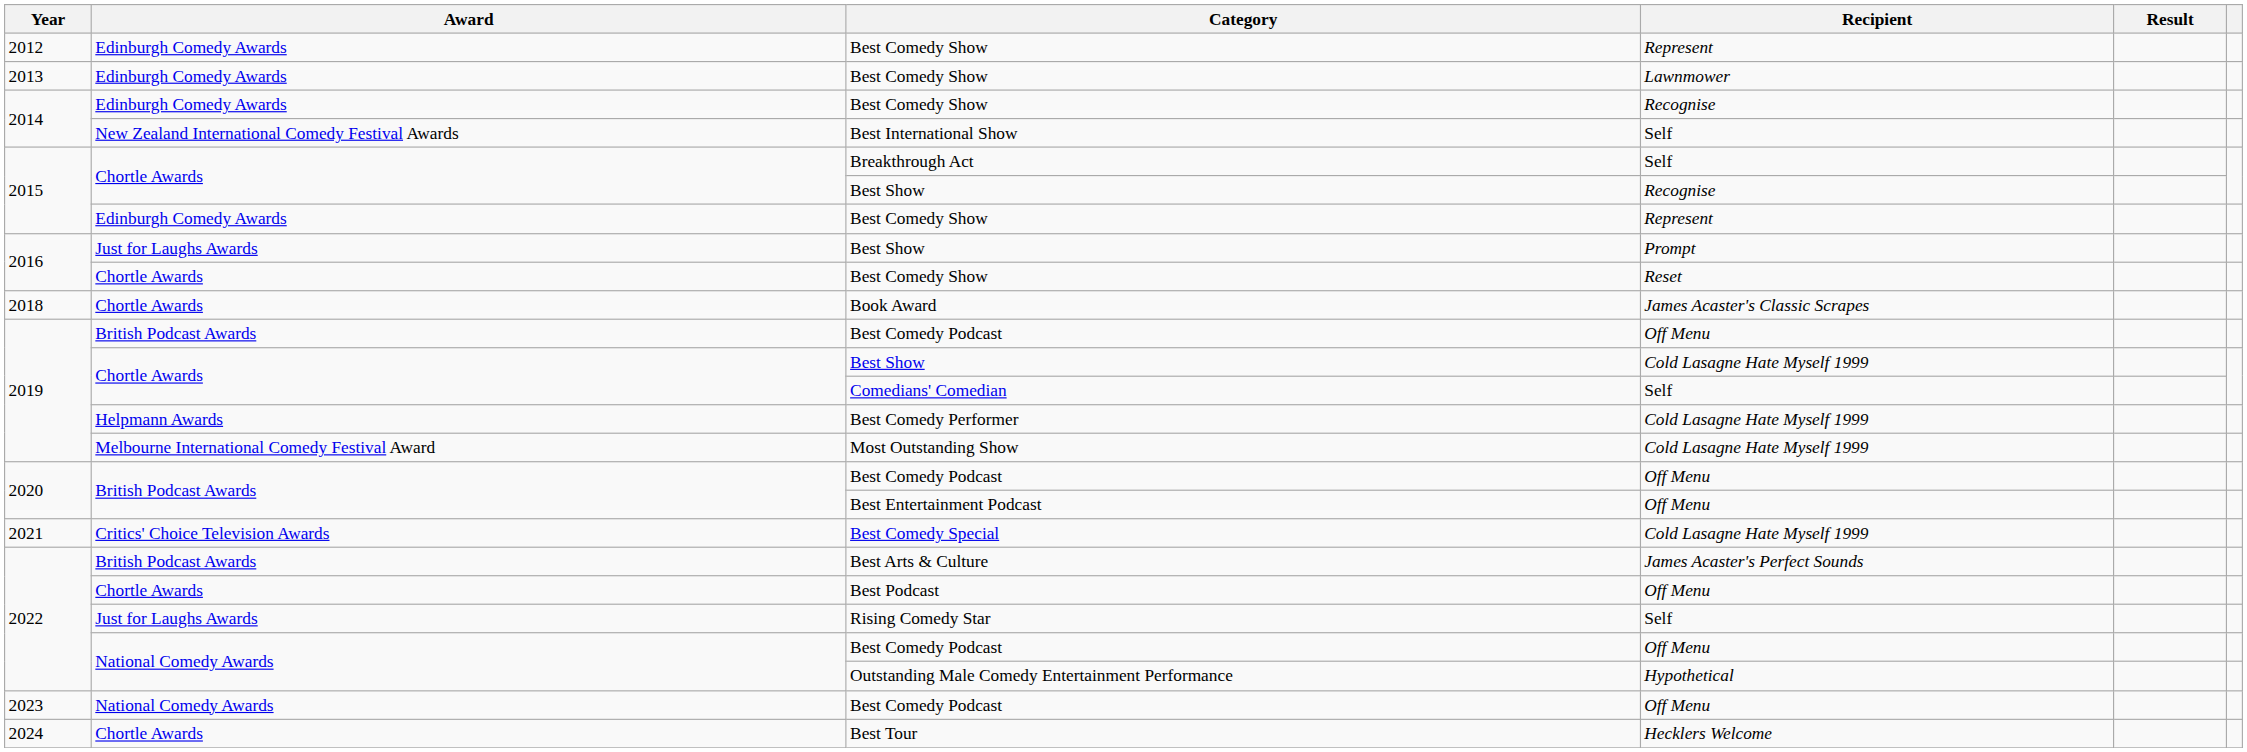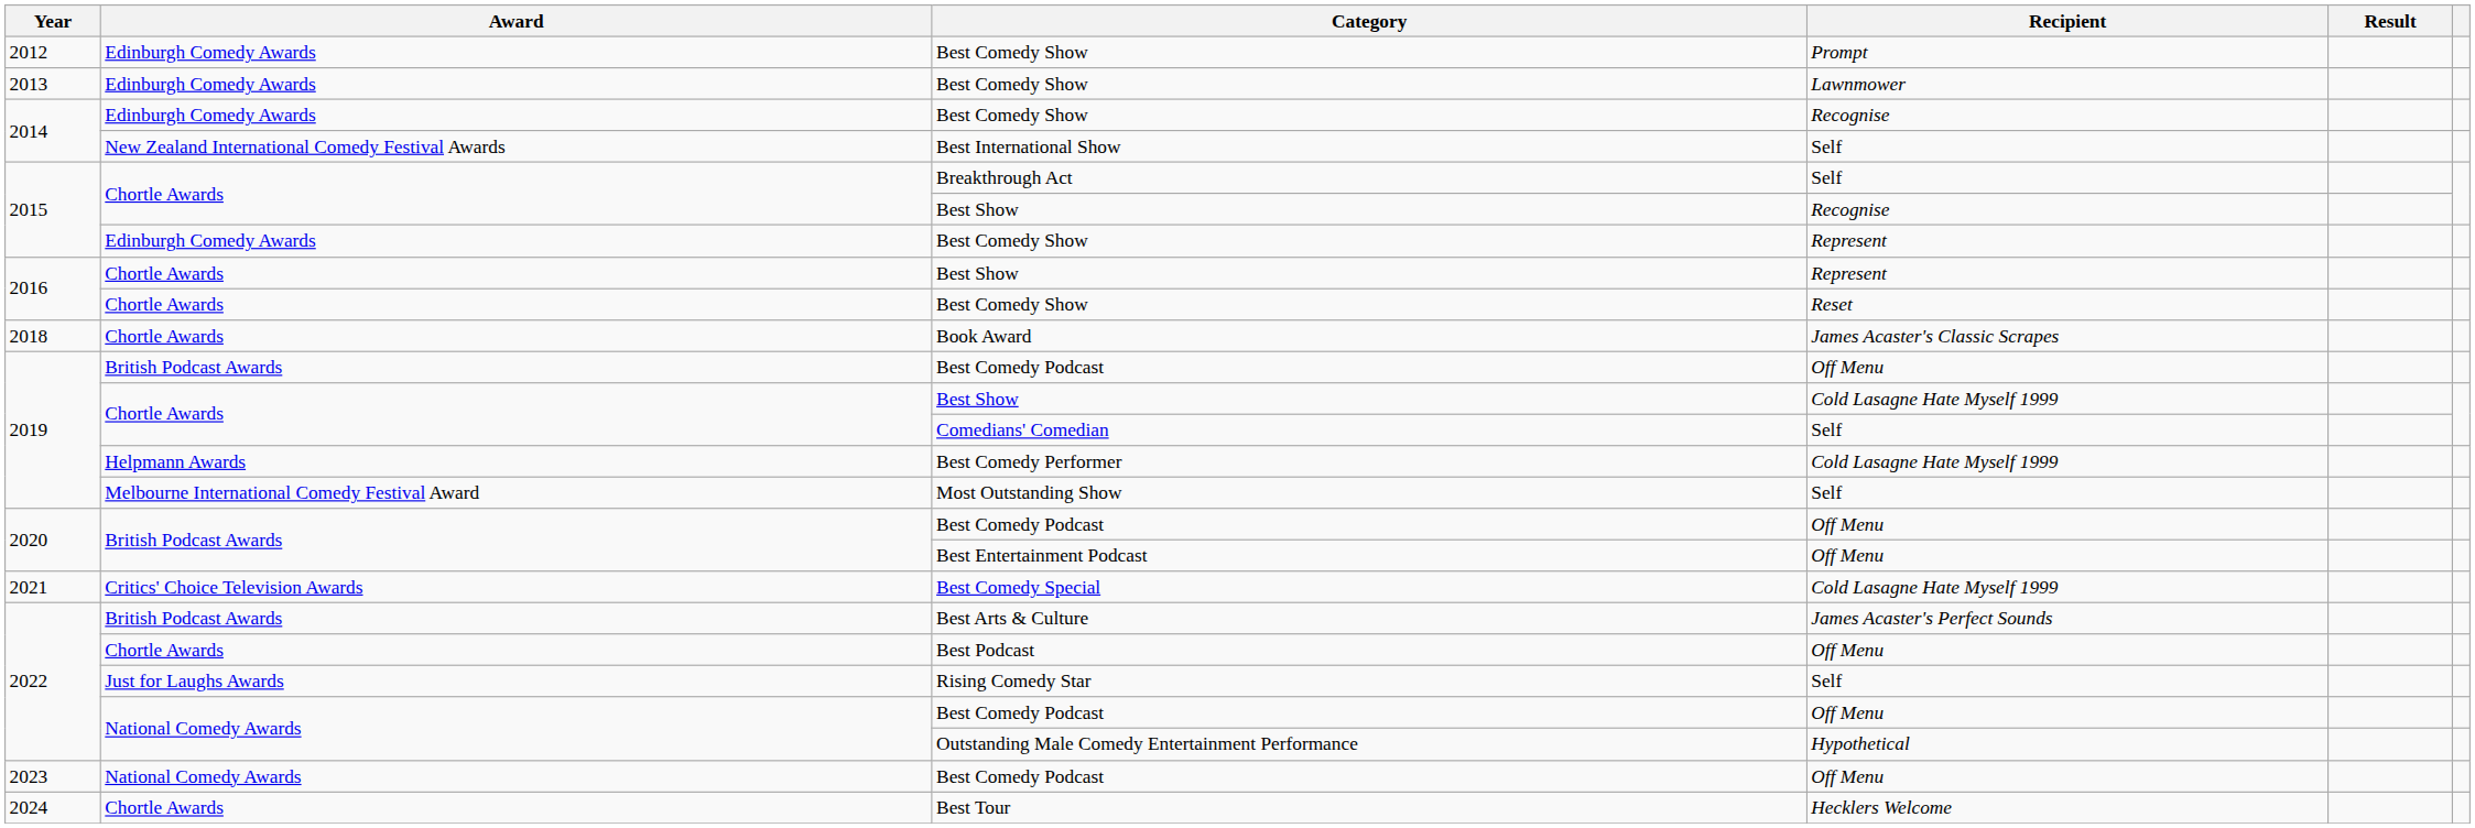 <table class="wikitable sortable" style="font-size:95%; width:99%; summary:Acaster has been nominated for Edinburgh Comedy Awards, Chortle Awards, British Podcast Awards and National Comedy Awards, among others.">
 <tr>
 <th scope=col>Year</th>
 <th scope=col>Award</th>
 <th scope=col>Category</th>
 <th scope=col>Recipient</th>
 <th scope=col>Result</th>
 <th scope=col class=unsortable></th>
 </tr>
 <tr>
 <td>2012</td>
 <td><a href='#'>Edinburgh Comedy Awards</a></td>
 <td>Best Comedy Show</td>
-<td><em>Represent</em></td>
+<td><em>Prompt</em></td>
 <td></td>
 <td></td>
 </tr>
 <tr>
 <td>2013</td>
 <td><a href='#'>Edinburgh Comedy Awards</a></td>
 <td>Best Comedy Show</td>
 <td><em>Lawnmower</em></td>
 <td></td>
 <td></td>
 </tr>
 <tr>
 <td rowspan=2>2014</td>
 <td><a href='#'>Edinburgh Comedy Awards</a></td>
 <td>Best Comedy Show</td>
 <td><em>Recognise</em></td>
 <td></td>
 <td></td>
 </tr>
 <tr>
 <td><a href='#'>New Zealand International Comedy Festival</a> Awards</td>
 <td>Best International Show</td>
 <td>Self</td>
 <td></td>
 <td></td>
 </tr>
 <tr>
 <td rowspan=3>2015</td>
 <td rowspan=2><a href='#'>Chortle Awards</a></td>
 <td>Breakthrough Act</td>
 <td>Self</td>
 <td></td>
 <td rowspan=2></td>
 </tr>
 <tr>
 <td>Best Show</td>
 <td><em>Recognise</em></td>
 <td></td>
 </tr>
 <tr>
 <td><a href='#'>Edinburgh Comedy Awards</a></td>
 <td>Best Comedy Show</td>
 <td><em>Represent</em></td>
 <td></td>
 <td></td>
 </tr>
 <tr>
 <td rowspan=2>2016</td>
-<td><a href='#'>Just for Laughs Awards</a></td>
+<td><a href='#'>Chortle Awards</a></td>
 <td>Best Show</td>
-<td><em>Prompt</em></td>
+<td><em>Represent</em></td>
 <td></td>
 <td></td>
 </tr>
 <tr>
 <td><a href='#'>Chortle Awards</a></td>
 <td>Best Comedy Show</td>
 <td><em>Reset</em></td>
 <td></td>
 <td></td>
 </tr>
 <tr>
 <td>2018</td>
 <td><a href='#'>Chortle Awards</a></td>
 <td>Book Award</td>
 <td><em>James Acaster's Classic Scrapes</em></td>
 <td></td>
 <td></td>
 </tr>
 <tr>
 <td rowspan=5>2019</td>
 <td><a href='#'>British Podcast Awards</a></td>
 <td>Best Comedy Podcast</td>
 <td><em>Off Menu</em></td>
 <td></td>
 <td></td>
 </tr>
 <tr>
 <td rowspan=2><a href='#'>Chortle Awards</a></td>
 <td><a href='#'>Best Show</a></td>
 <td><em>Cold Lasagne Hate Myself 1999</em></td>
 <td></td>
 <td rowspan=2></td>
 </tr>
 <tr>
 <td><a href='#'>Comedians' Comedian</a></td>
 <td>Self</td>
 <td></td>
 </tr>
 <tr>
 <td><a href='#'>Helpmann Awards</a></td>
 <td>Best Comedy Performer</td>
 <td><em>Cold Lasagne Hate Myself 1999</em></td>
 <td></td>
 <td></td>
 </tr>
 <tr>
 <td><a href='#'>Melbourne International Comedy Festival</a> Award</td>
 <td>Most Outstanding Show</td>
-<td><em>Cold Lasagne Hate Myself 1999</em></td>
+<td>Self</td>
 <td></td>
 <td></td>
 </tr>
 <tr>
 <td rowspan=2>2020</td>
 <td rowspan=2><a href='#'>British Podcast Awards</a></td>
 <td>Best Comedy Podcast</td>
 <td><em>Off Menu</em></td>
 <td></td>
 <td></td>
 </tr>
 <tr>
 <td>Best Entertainment Podcast</td>
 <td><em>Off Menu</em></td>
 <td></td>
 <td></td>
 </tr>
 <tr>
 <td rowspan=1>2021</td>
 <td><a href='#'>Critics' Choice Television Awards</a></td>
 <td><a href='#'>Best Comedy Special</a></td>
 <td><em>Cold Lasagne Hate Myself 1999</em></td>
 <td></td>
 <td></td>
 </tr>
 <tr>
 <td rowspan=5>2022</td>
 <td><a href='#'>British Podcast Awards</a></td>
 <td>Best Arts & Culture</td>
 <td><em>James Acaster's Perfect Sounds</em></td>
 <td></td>
 <td></td>
 </tr>
 <tr>
 <td><a href='#'>Chortle Awards</a></td>
 <td>Best Podcast</td>
 <td><em>Off Menu</em></td>
 <td></td>
 <td></td>
 </tr>
 <tr>
 <td><a href='#'>Just for Laughs Awards</a></td>
 <td>Rising Comedy Star</td>
 <td>Self</td>
 <td></td>
 <td></td>
 </tr>
 <tr>
 <td rowspan=2><a href='#'>National Comedy Awards</a></td>
 <td>Best Comedy Podcast</td>
 <td><em>Off Menu</em></td>
 <td></td>
 <td></td>
 </tr>
 <tr>
 <td>Outstanding Male Comedy Entertainment Performance</td>
 <td><em>Hypothetical</em></td>
 <td></td>
 <td></td>
 </tr>
 <tr>
 <td>2023</td>
 <td><a href='#'>National Comedy Awards</a></td>
 <td>Best Comedy Podcast</td>
 <td><em>Off Menu</em></td>
 <td></td>
 <td></td>
 </tr>
 <tr>
 <td>2024</td>
 <td><a href='#'>Chortle Awards</a></td>
 <td>Best Tour</td>
 <td><em>Hecklers Welcome</em></td>
 <td></td>
 <td></td>
 </tr>
 </table>
